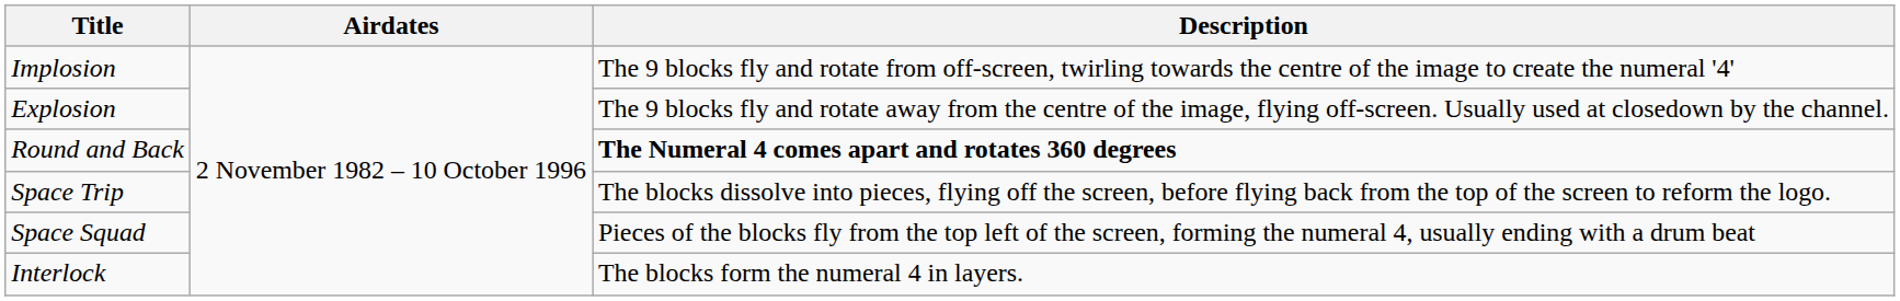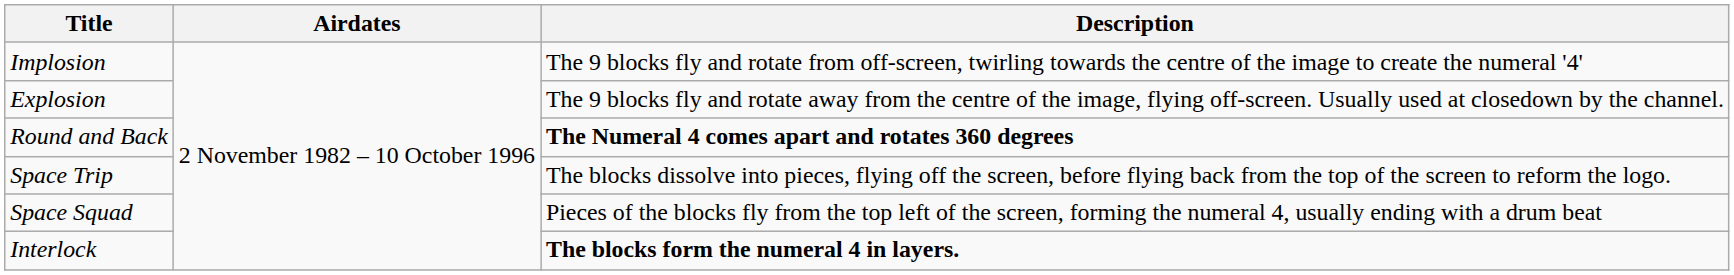 <table class="wikitable">
 <tr>
 <th>Title</th>
 <th>Airdates</th>
 <th>Description</th>
 </tr>
 <tr>
 <td><em>Implosion</em></td>
 <td rowspan="6">2 November 1982 – 10 October 1996</td>
 <td>The 9 blocks fly and rotate from off-screen, twirling towards the centre of the image to create the numeral '4'</td>
 </tr>
 <tr>
 <td><em>Explosion</em></td>
 <td>The 9 blocks fly and rotate away from the centre of the image, flying off-screen. Usually used at closedown by the channel.</td>
 </tr>
 <tr>
 <td><em>Round and Back</em></td>
 <td><strong>The Numeral 4 comes apart and rotates 360 degrees</strong></td>
 </tr>
 <tr>
 <td><em>Space Trip</em></td>
 <td>The blocks dissolve into pieces, flying off the screen, before flying back from the top of the screen to reform the logo.</td>
 </tr>
 <tr>
 <td><em>Space Squad</em></td>
 <td>Pieces of the blocks fly from the top left of the screen, forming the numeral 4, usually ending with a drum beat</td>
 </tr>
 <tr>
 <td><em>Interlock</em></td>
-<td>The blocks form the numeral 4 in layers.</td>
+<td><strong>The blocks form the numeral 4 in layers.</strong></td>
 </tr>
 </table>
